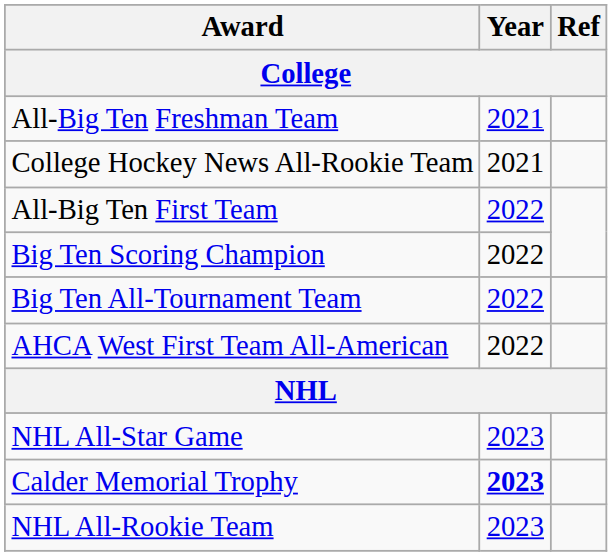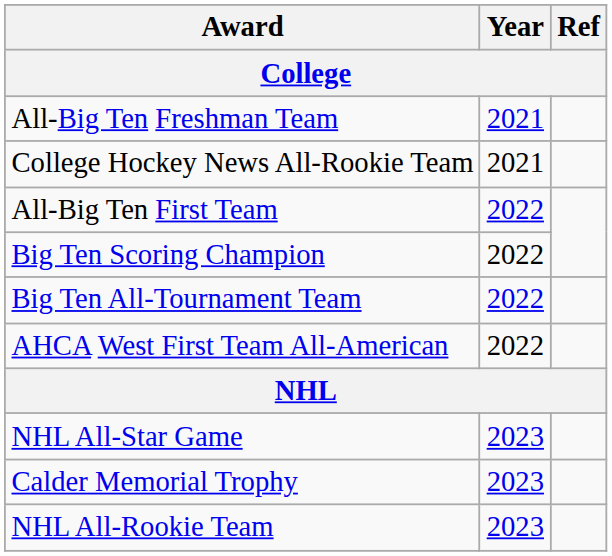 <table class="wikitable">
 <tr>
 <th>Award</th>
 <th>Year</th>
 <th>Ref</th>
 </tr>
 <tr>
 <th colspan="3"><a href='#'>College</a></th>
 </tr>
 <tr>
 <td>All-<a href='#'>Big Ten</a> <a href='#'>Freshman Team</a></td>
 <td><a href='#'>2021</a></td>
 <td></td>
 </tr>
 <tr>
 <td>College Hockey News All-Rookie Team</td>
 <td>2021</td>
 <td></td>
 </tr>
 <tr>
 <td>All-Big Ten <a href='#'>First Team</a></td>
 <td><a href='#'>2022</a></td>
 <td rowspan="2"></td>
 </tr>
 <tr>
 <td><a href='#'>Big Ten Scoring Champion</a></td>
 <td>2022</td>
 </tr>
 <tr>
 <td><a href='#'>Big Ten All-Tournament Team</a></td>
 <td><a href='#'>2022</a></td>
 <td></td>
 </tr>
 <tr>
 <td><a href='#'>AHCA</a> <a href='#'>West First Team All-American</a></td>
 <td>2022</td>
 <td></td>
 </tr>
 <tr>
 <th colspan="3"><a href='#'>NHL</a></th>
 </tr>
 <tr>
 <td><a href='#'>NHL All-Star Game</a></td>
 <td><a href='#'>2023</a></td>
 <td></td>
 </tr>
 <tr>
 <td><a href='#'>Calder Memorial Trophy</a></td>
-<td><strong><a href='#'>2023</a></strong></td>
+<td><a href='#'>2023</a></td>
 <td></td>
 </tr>
 <tr>
 <td><a href='#'>NHL All-Rookie Team</a></td>
 <td><a href='#'>2023</a></td>
 <td></td>
 </tr>
 </table>
